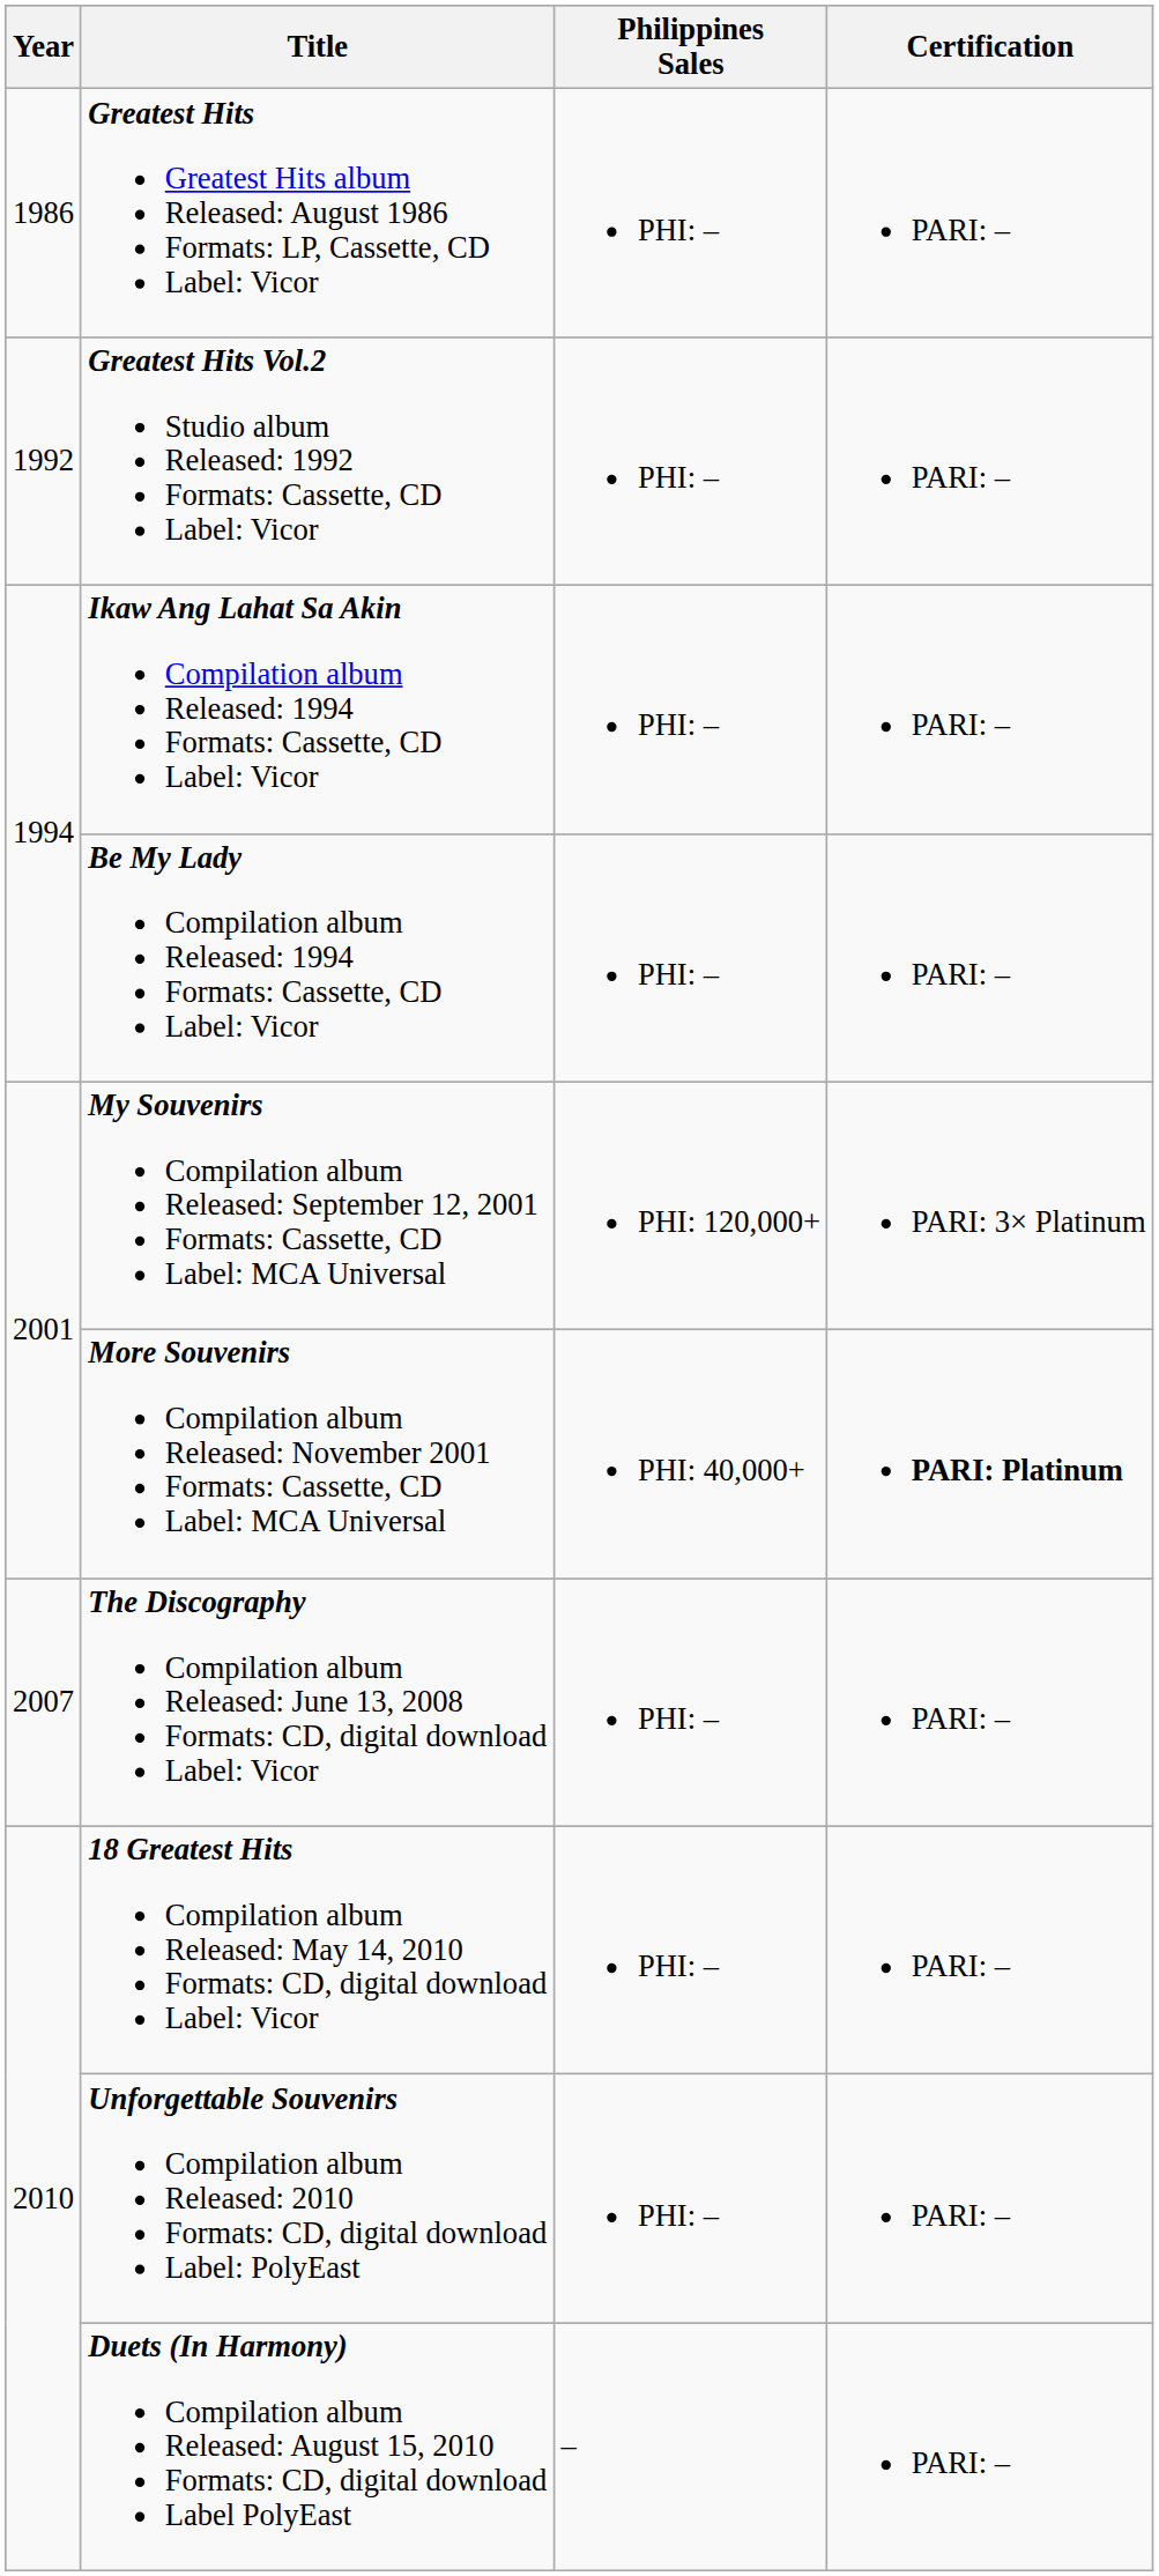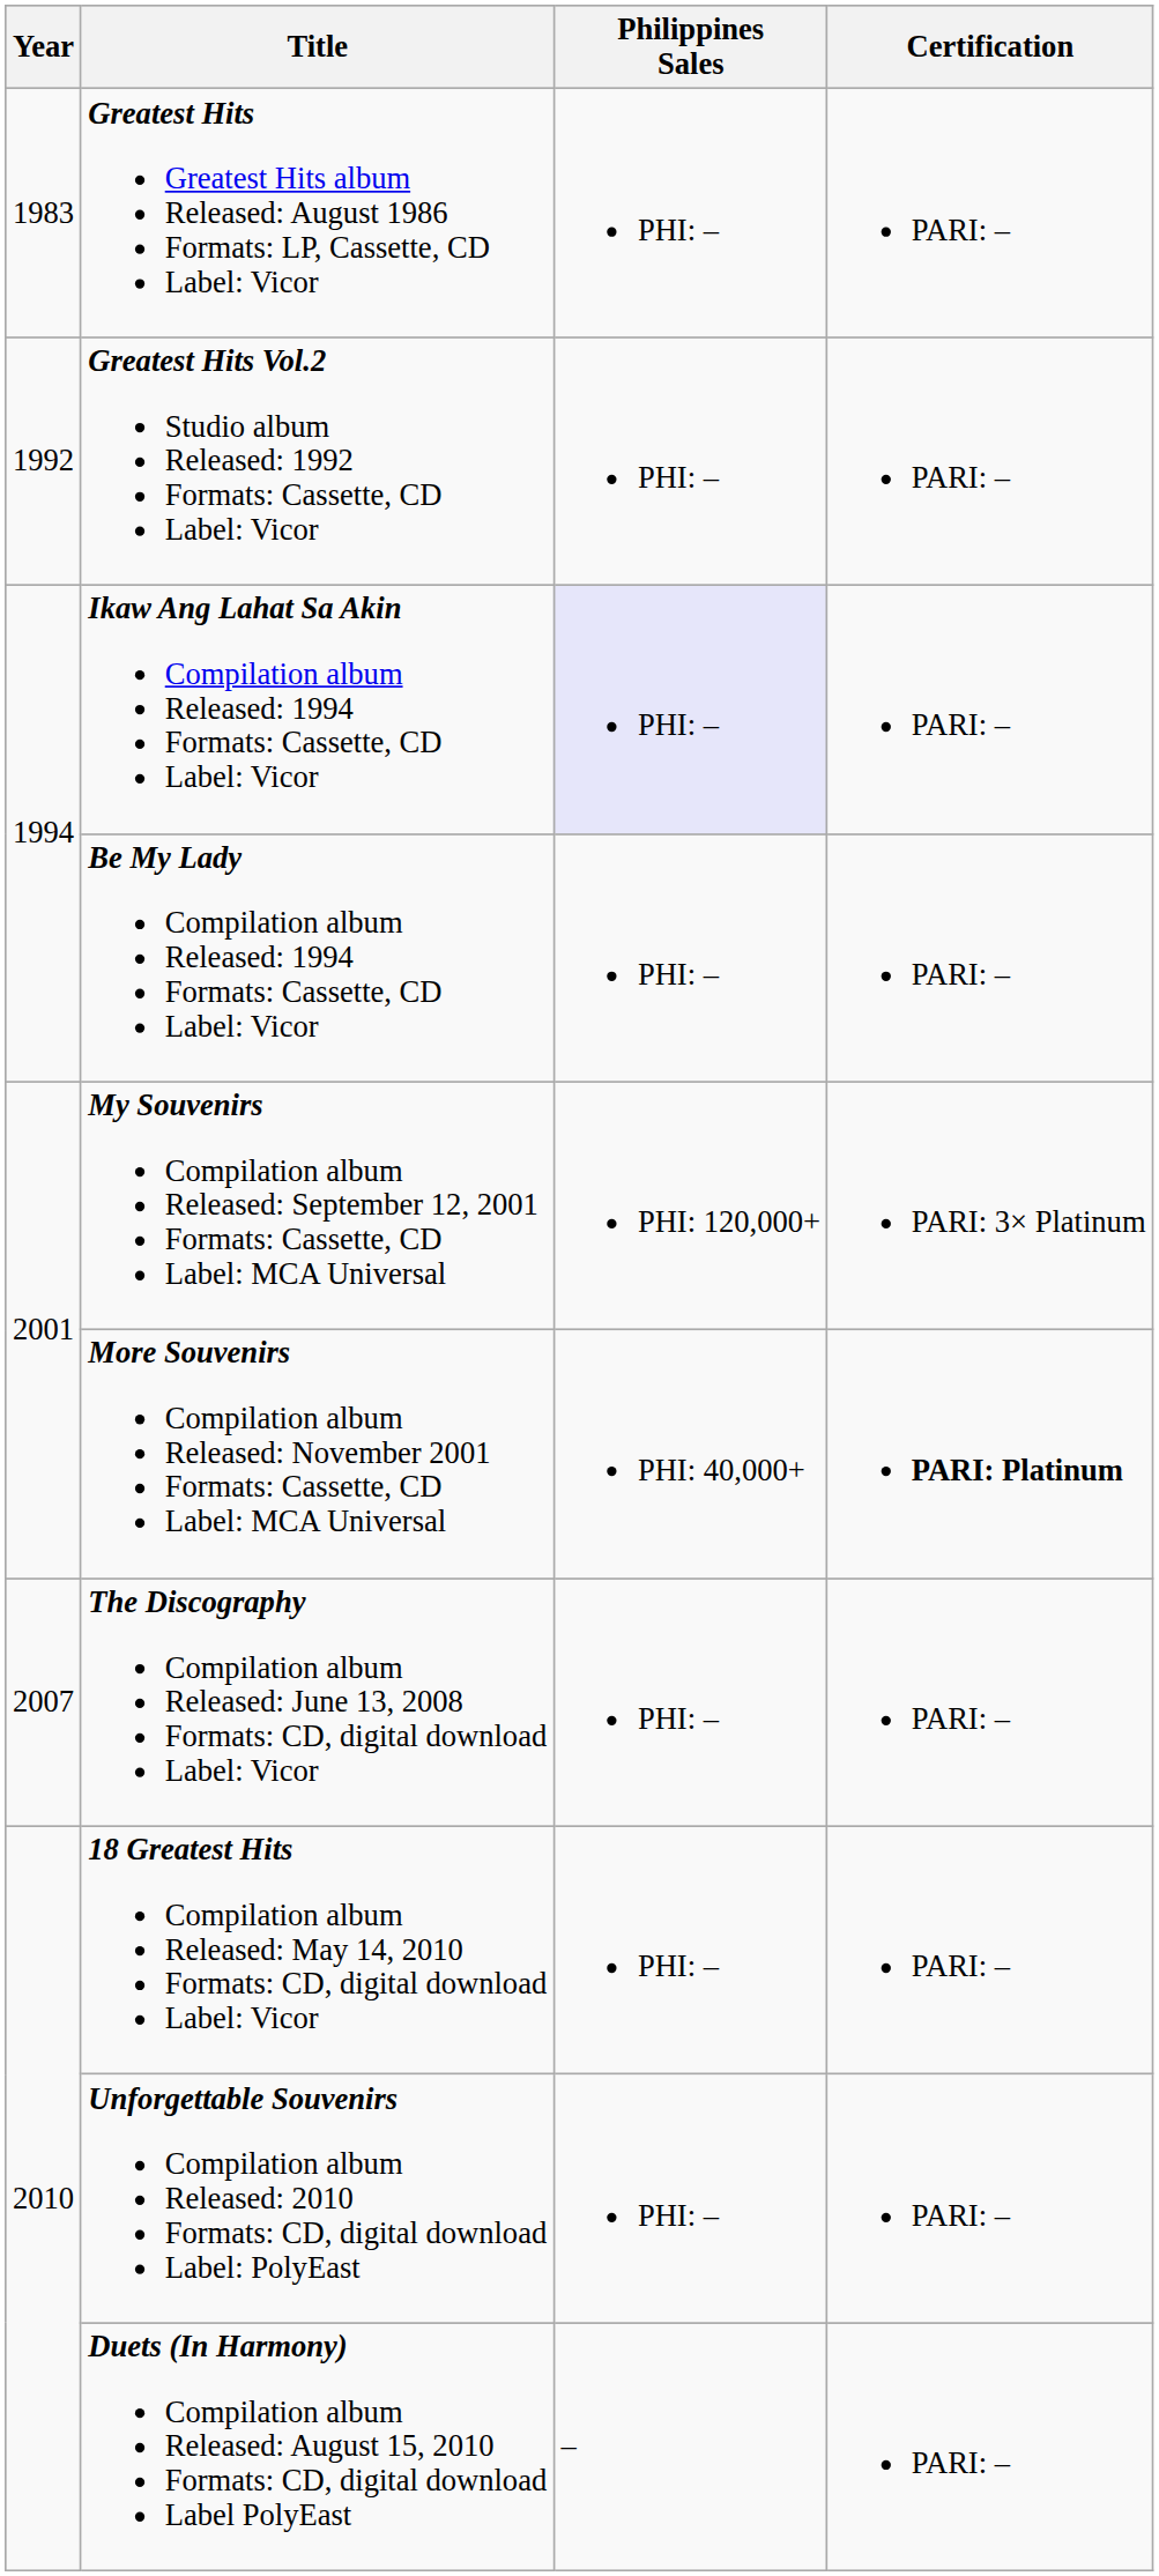 <table class="wikitable">
 <tr>
 <th>Year</th>
 <th>Title</th>
 <th>Philippines<br>Sales</th>
 <th>Certification</th>
 </tr>
 <tr>
-<td>1986</td>
+<td>1983</td>
 <td><strong><em>Greatest Hits</em></strong><br><ul><li><a href='#'>Greatest Hits album</a></li><li>Released: August 1986</li><li>Formats: LP, Cassette, CD</li><li>Label: Vicor</li></ul></td>
 <td><br><ul><li>PHI: –</li></ul></td>
 <td><br><ul><li>PARI: –</li></ul></td>
 </tr>
 <tr>
 <td>1992</td>
 <td><strong><em>Greatest Hits Vol.2</em></strong><br><ul><li>Studio album</li><li>Released: 1992</li><li>Formats: Cassette, CD</li><li>Label: Vicor</li></ul></td>
 <td><br><ul><li>PHI: –</li></ul></td>
 <td><br><ul><li>PARI: –</li></ul></td>
 </tr>
 <tr>
 <td rowspan=2>1994</td>
 <td><strong><em>Ikaw Ang Lahat Sa Akin</em></strong><br><ul><li><a href='#'>Compilation album</a></li><li>Released: 1994</li><li>Formats: Cassette, CD</li><li>Label: Vicor</li></ul></td>
-<td><br><ul><li>PHI: –</li></ul></td>
+<td style="background: lavender;"><br><ul><li>PHI: –</li></ul></td>
 <td><br><ul><li>PARI: –</li></ul></td>
 </tr>
 <tr>
 <td><strong><em>Be My Lady</em></strong><br><ul><li>Compilation album</li><li>Released: 1994</li><li>Formats: Cassette, CD</li><li>Label: Vicor</li></ul></td>
 <td><br><ul><li>PHI: –</li></ul></td>
 <td><br><ul><li>PARI: –</li></ul></td>
 </tr>
 <tr>
 <td rowspan=2>2001</td>
 <td><strong><em>My Souvenirs</em></strong><br><ul><li>Compilation album</li><li>Released: September 12, 2001</li><li>Formats: Cassette, CD</li><li>Label: MCA Universal</li></ul></td>
 <td><br><ul><li>PHI: 120,000+</li></ul></td>
 <td><br><ul><li>PARI: 3× Platinum</li></ul></td>
 </tr>
 <tr>
 <td><strong><em>More Souvenirs</em></strong><br><ul><li>Compilation album</li><li>Released: November 2001</li><li>Formats: Cassette, CD</li><li>Label: MCA Universal</li></ul></td>
 <td><br><ul><li>PHI: 40,000+</li></ul></td>
 <td><strong><br><ul><li>PARI: Platinum</li></ul></strong></td>
 </tr>
 <tr>
 <td>2007</td>
 <td><strong><em>The Discography</em></strong><br><ul><li>Compilation album</li><li>Released: June 13, 2008</li><li>Formats: CD, digital download</li><li>Label: Vicor</li></ul></td>
 <td><br><ul><li>PHI: –</li></ul></td>
 <td><br><ul><li>PARI: –</li></ul></td>
 </tr>
 <tr>
 <td rowspan=3>2010</td>
 <td><strong><em>18 Greatest Hits</em></strong><br><ul><li>Compilation album</li><li>Released: May 14, 2010</li><li>Formats: CD, digital download</li><li>Label: Vicor</li></ul></td>
 <td><br><ul><li>PHI: –</li></ul></td>
 <td><br><ul><li>PARI: –</li></ul></td>
 </tr>
 <tr>
 <td><strong><em>Unforgettable Souvenirs</em></strong><br><ul><li>Compilation album</li><li>Released: 2010</li><li>Formats: CD, digital download</li><li>Label: PolyEast</li></ul></td>
 <td><br><ul><li>PHI: –</li></ul></td>
 <td><br><ul><li>PARI: –</li></ul></td>
 </tr>
 <tr>
 <td><strong><em>Duets (In Harmony)</em></strong><br><ul><li>Compilation album</li><li>Released: August 15, 2010</li><li>Formats: CD, digital download</li><li>Label PolyEast</li></ul></td>
 <td>–</td>
 <td><br><ul><li>PARI: –</li></ul></td>
 </tr>
 </table>
